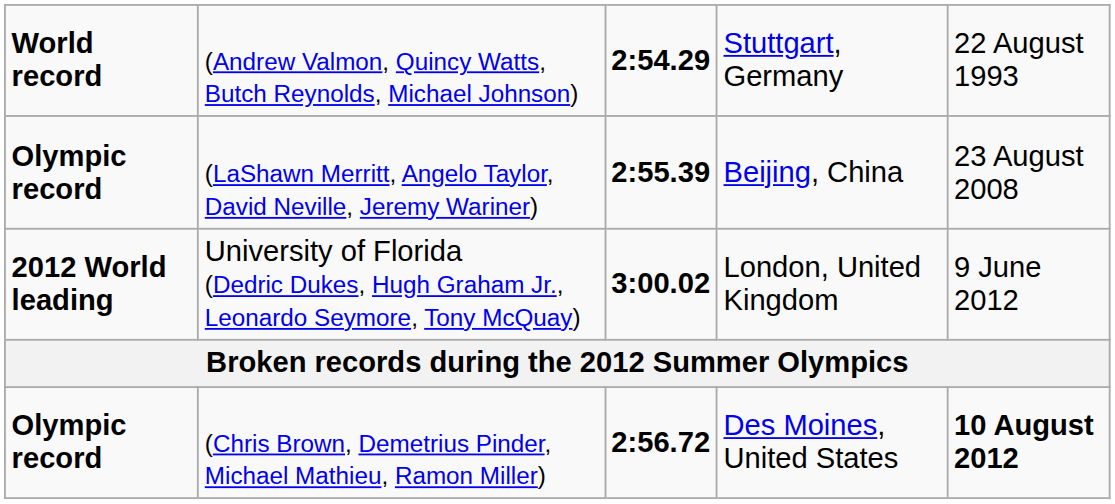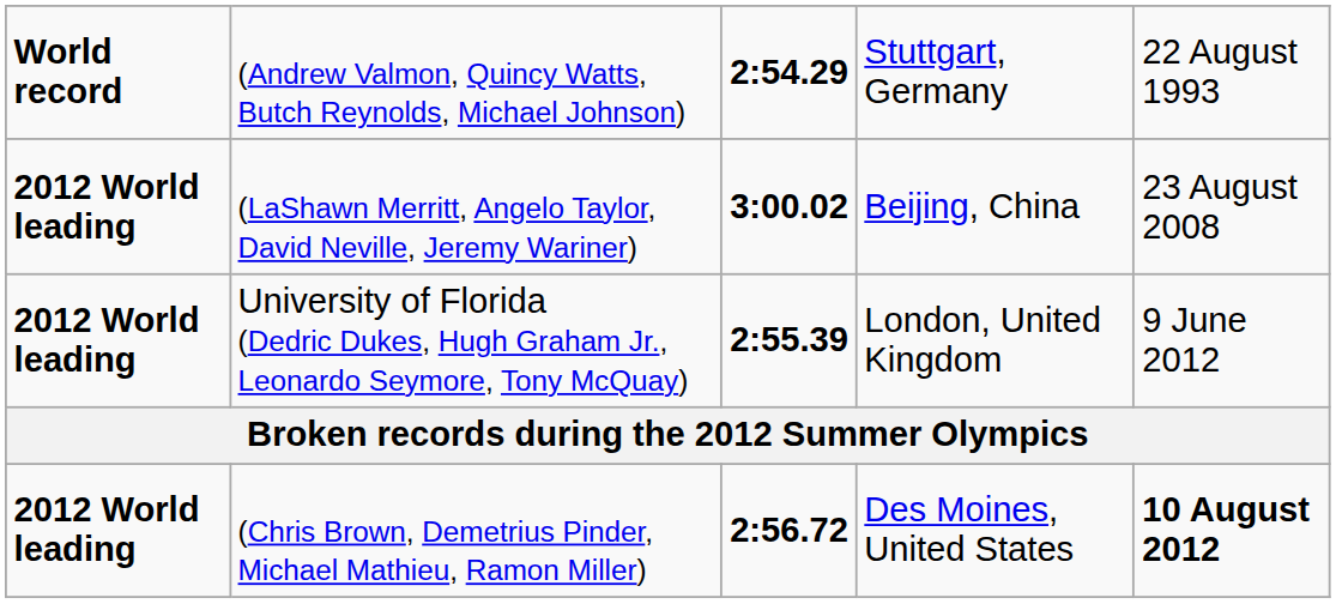 <table class="wikitable">
 <tr>
 <td><strong>World record</strong></td>
 <td><br><small>(<a href='#'>Andrew Valmon</a>, <a href='#'>Quincy Watts</a>, <a href='#'>Butch Reynolds</a>, <a href='#'>Michael Johnson</a>)</small></td>
 <td><strong>2:54.29</strong></td>
 <td><a href='#'>Stuttgart</a>, Germany</td>
 <td>22 August 1993</td>
 </tr>
 <tr>
-<td><strong>Olympic record</strong></td>
+<td><strong>2012 World leading</strong></td>
 <td><br><small>(<a href='#'>LaShawn Merritt</a>, <a href='#'>Angelo Taylor</a>, <a href='#'>David Neville</a>, <a href='#'>Jeremy Wariner</a>)</small></td>
-<td><strong>2:55.39</strong></td>
+<td><strong>3:00.02</strong></td>
 <td><a href='#'>Beijing</a>, China</td>
 <td>23 August 2008</td>
 </tr>
 <tr>
 <td><strong>2012 World leading</strong></td>
 <td> University of Florida<br><small>(<a href='#'>Dedric Dukes</a>, <a href='#'>Hugh Graham Jr.</a>, <a href='#'>Leonardo Seymore</a>, <a href='#'>Tony McQuay</a>)</small></td>
-<td><strong>3:00.02</strong></td>
+<td><strong>2:55.39</strong></td>
 <td>London, United Kingdom</td>
 <td>9 June 2012</td>
 </tr>
 <tr>
 <th colspan="5">Broken records during the 2012 Summer Olympics</th>
 </tr>
 <tr>
-<td><strong>Olympic record</strong></td>
+<td><strong>2012 World leading</strong></td>
 <td><br><small>(<a href='#'>Chris Brown</a>, <a href='#'>Demetrius Pinder</a>, <a href='#'>Michael Mathieu</a>, <a href='#'>Ramon Miller</a>)</small></td>
 <td><strong>2:56.72</strong></td>
 <td><a href='#'>Des Moines</a>, United States</td>
 <td><strong>10 August 2012</strong></td>
 </tr>
 </table>
